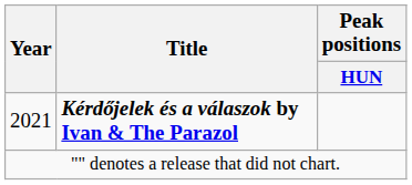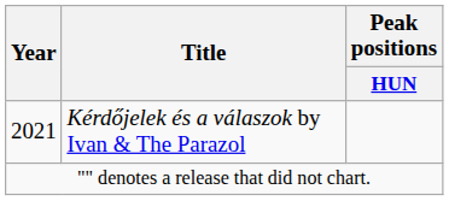 <table class="wikitable">
 <tr>
 <th rowspan="2" style="text-align:center; max-width:4em;">Year</th>
 <th rowspan="2" style="text-align:center; max-width:4em;">Title</th>
 <th style="text-align:center; max-width:5em;">Peak positions</th>
 </tr>
 <tr>
 <th scope="col" style="width:3em;font-size:90%;"><a href='#'>HUN</a></th>
 </tr>
 <tr>
 <td style="text-align:center;">2021</td>
-<td style="max-width:12em;"><strong><em>Kérdőjelek és a válaszok</em> by <a href='#'>Ivan & The Parazol</a></strong></td>
+<td style="max-width:12em;"><em>Kérdőjelek és a válaszok</em> by <a href='#'>Ivan & The Parazol</a></td>
 <td style="text-align:center;"></td>
 </tr>
 <tr>
 <td colspan="5" style="font-size:85%;max-width:4em;text-align:center;">"" denotes a release that did not chart.</td>
 </tr>
 </table>
